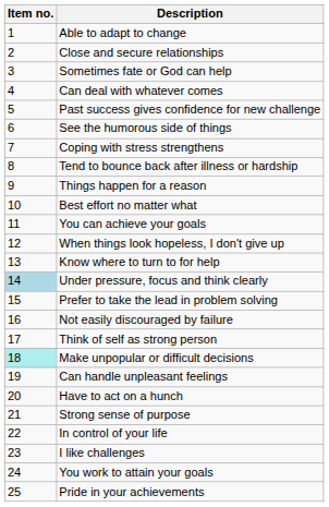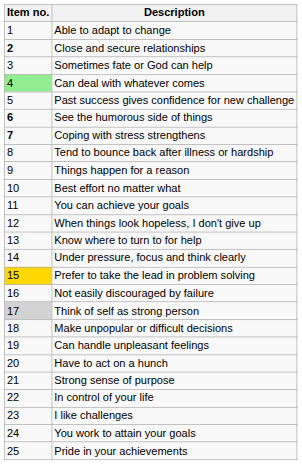 <table class="wikitable">
 <tr>
 <th>Item no.</th>
 <th>Description</th>
 </tr>
 <tr>
 <td>1</td>
 <td>Able to adapt to change</td>
 </tr>
 <tr>
-<td>2</td>
+<td><strong>2</strong></td>
 <td>Close and secure relationships</td>
 </tr>
 <tr>
 <td>3</td>
 <td>Sometimes fate or God can help</td>
 </tr>
 <tr>
-<td>4</td>
+<td style="background: lightgreen;">4</td>
 <td>Can deal with whatever comes</td>
 </tr>
 <tr>
 <td>5</td>
 <td>Past success gives confidence for new challenge</td>
 </tr>
 <tr>
-<td>6</td>
+<td><strong>6</strong></td>
 <td>See the humorous side of things</td>
 </tr>
 <tr>
-<td>7</td>
+<td><strong>7</strong></td>
 <td>Coping with stress strengthens</td>
 </tr>
 <tr>
 <td>8</td>
 <td>Tend to bounce back after illness or hardship</td>
 </tr>
 <tr>
 <td>9</td>
 <td>Things happen for a reason</td>
 </tr>
 <tr>
 <td>10</td>
 <td>Best effort no matter what</td>
 </tr>
 <tr>
 <td>11</td>
 <td>You can achieve your goals</td>
 </tr>
 <tr>
 <td>12</td>
 <td>When things look hopeless, I don't give up</td>
 </tr>
 <tr>
 <td>13</td>
 <td>Know where to turn to for help</td>
 </tr>
 <tr>
-<td style="background: lightblue;">14</td>
+<td>14</td>
 <td>Under pressure, focus and think clearly</td>
 </tr>
 <tr>
-<td>15</td>
+<td style="background: gold;">15</td>
 <td>Prefer to take the lead in problem solving</td>
 </tr>
 <tr>
 <td>16</td>
 <td>Not easily discouraged by failure</td>
 </tr>
 <tr>
-<td>17</td>
+<td style="background: lightgrey;">17</td>
 <td>Think of self as strong person</td>
 </tr>
 <tr>
-<td style="background: paleturquoise;">18</td>
+<td>18</td>
 <td>Make unpopular or difficult decisions</td>
 </tr>
 <tr>
 <td>19</td>
 <td>Can handle unpleasant feelings</td>
 </tr>
 <tr>
 <td>20</td>
 <td>Have to act on a hunch</td>
 </tr>
 <tr>
 <td>21</td>
 <td>Strong sense of purpose</td>
 </tr>
 <tr>
 <td>22</td>
 <td>In control of your life</td>
 </tr>
 <tr>
 <td>23</td>
 <td>I like challenges</td>
 </tr>
 <tr>
 <td>24</td>
 <td>You work to attain your goals</td>
 </tr>
 <tr>
 <td>25</td>
 <td>Pride in your achievements</td>
 </tr>
 </table>
